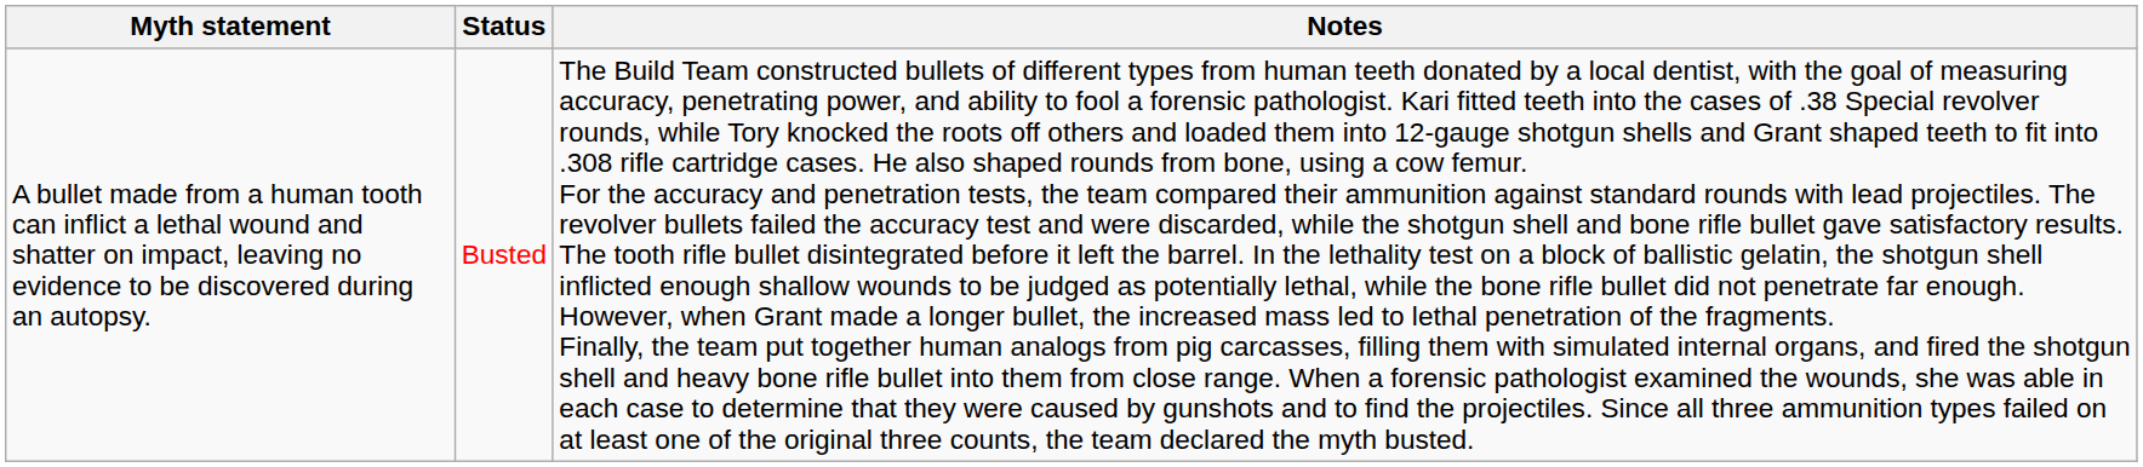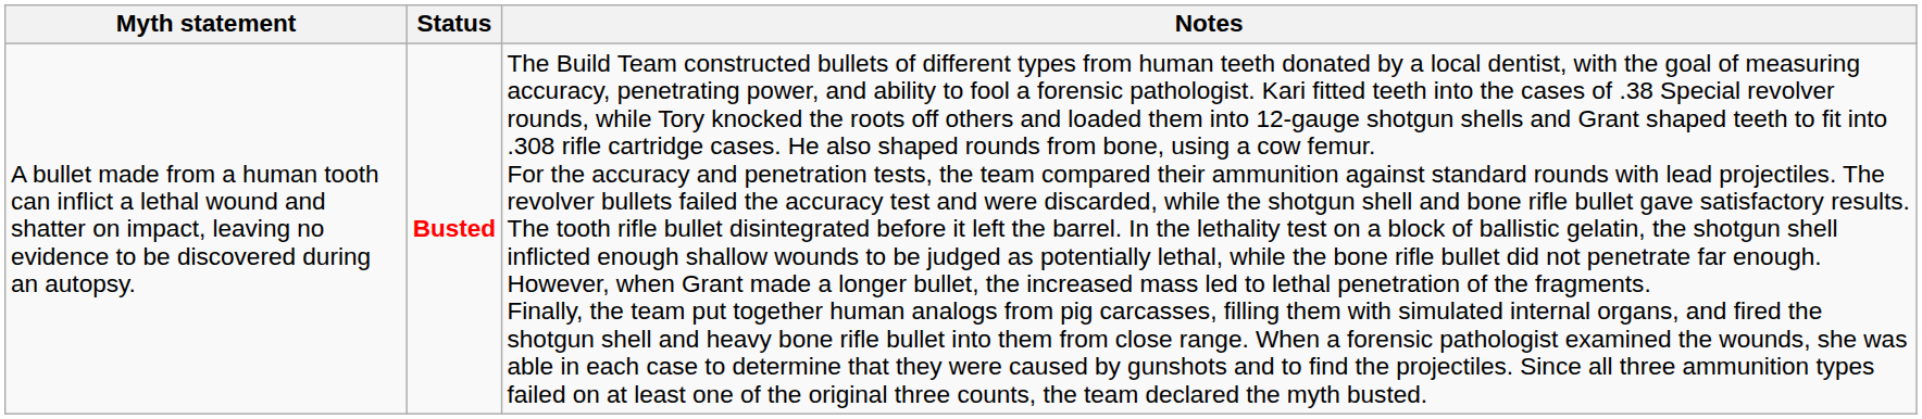 <table class="wikitable plainrowheaders">
 <tr>
 <th>Myth statement</th>
 <th>Status</th>
 <th>Notes</th>
 </tr>
 <tr>
 <td>A bullet made from a human tooth can inflict a lethal wound and shatter on impact, leaving no evidence to be discovered during an autopsy.</td>
-<td style="color:red">Busted</td>
+<td style="color:red"><strong>Busted</strong></td>
 <td>The Build Team constructed bullets of different types from human teeth donated by a local dentist, with the goal of measuring accuracy, penetrating power, and ability to fool a forensic pathologist. Kari fitted teeth into the cases of .38 Special revolver rounds, while Tory knocked the roots off others and loaded them into 12-gauge shotgun shells and Grant shaped teeth to fit into .308 rifle cartridge cases. He also shaped rounds from bone, using a cow femur.<br>For the accuracy and penetration tests, the team compared their ammunition against standard rounds with lead projectiles. The revolver bullets failed the accuracy test and were discarded, while the shotgun shell and bone rifle bullet gave satisfactory results. The tooth rifle bullet disintegrated before it left the barrel. In the lethality test on a block of ballistic gelatin, the shotgun shell inflicted enough shallow wounds to be judged as potentially lethal, while the bone rifle bullet did not penetrate far enough. However, when Grant made a longer bullet, the increased mass led to lethal penetration of the fragments.<br>Finally, the team put together human analogs from pig carcasses, filling them with simulated internal organs, and fired the shotgun shell and heavy bone rifle bullet into them from close range. When a forensic pathologist examined the wounds, she was able in each case to determine that they were caused by gunshots and to find the projectiles. Since all three ammunition types failed on at least one of the original three counts, the team declared the myth busted.</td>
 </tr>
 </table>
